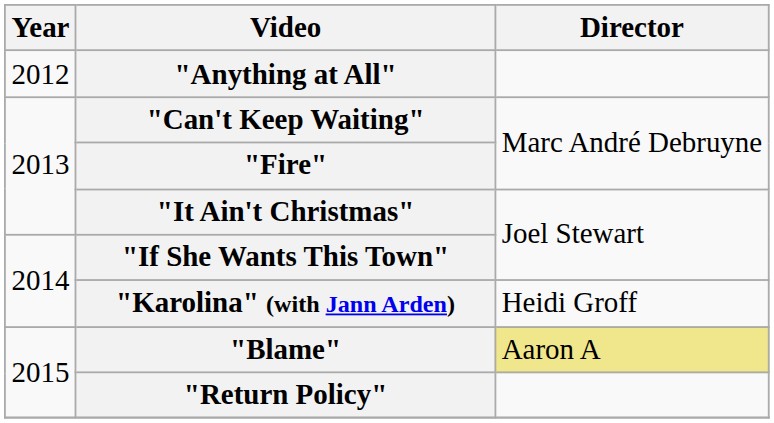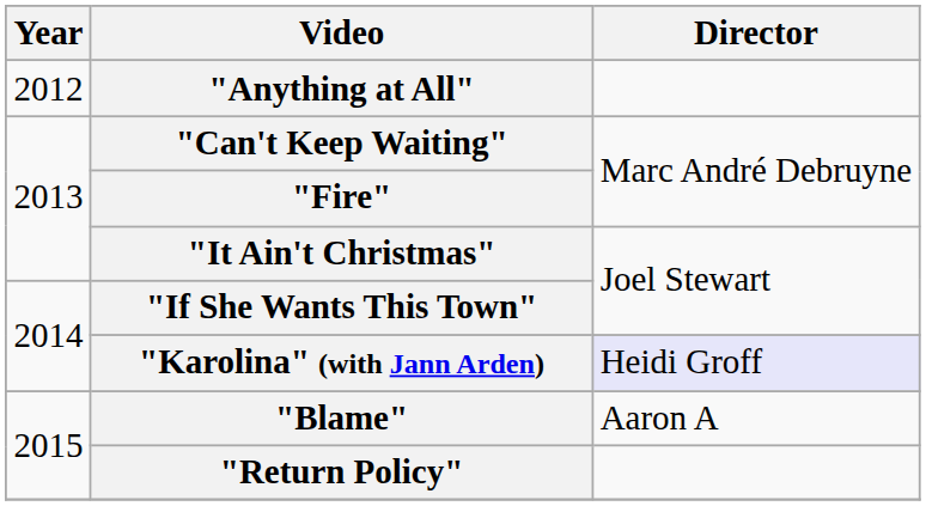 <table class="wikitable plainrowheaders">
 <tr>
 <th>Year</th>
 <th style="width:14em;">Video</th>
 <th>Director</th>
 </tr>
 <tr>
 <td>2012</td>
 <th scope="row">"Anything at All"</th>
 <td></td>
 </tr>
 <tr>
 <td rowspan="3">2013</td>
 <th scope="row">"Can't Keep Waiting"</th>
 <td rowspan="2">Marc André Debruyne</td>
 </tr>
 <tr>
 <th scope="row">"Fire"</th>
 </tr>
 <tr>
 <th scope="row">"It Ain't Christmas"</th>
 <td rowspan="2">Joel Stewart</td>
 </tr>
 <tr>
 <td rowspan="2">2014</td>
 <th scope="row">"If She Wants This Town"</th>
 </tr>
 <tr>
 <th scope="row">"Karolina" <small>(with <a href='#'>Jann Arden</a>)</small></th>
-<td>Heidi Groff</td>
+<td style="background: lavender;">Heidi Groff</td>
 </tr>
 <tr>
 <td rowspan="2">2015</td>
 <th scope="row">"Blame"</th>
-<td style="background: khaki;">Aaron A</td>
+<td>Aaron A</td>
 </tr>
 <tr>
 <th scope="row">"Return Policy"</th>
 <td></td>
 </tr>
 <tr>
 </tr>
 </table>
